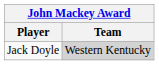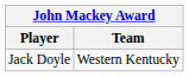 <table class="wikitable" style="text-align: center;">
 <tr>
 <th colspan="2"><strong><a href='#'>John Mackey Award</a></strong></th>
 </tr>
 <tr>
 <th>Player</th>
 <th>Team</th>
 </tr>
 <tr>
 <td>Jack Doyle</td>
-<td style="background: lightgrey;">Western Kentucky</td>
+<td>Western Kentucky</td>
 </tr>
 </table>
